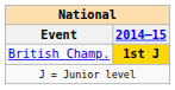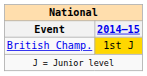 <table class="wikitable" style="text-align:center">
 <tr>
 <th style="background-color: #ffdead; " colspan=2 align=center>National</th>
 </tr>
 <tr>
 <th>Event</th>
 <th><a href='#'>2014–15</a></th>
 </tr>
 <tr>
 <td align="left"><a href='#'>British Champ.</a></td>
-<td bgcolor=gold><strong>1st J</strong></td>
+<td bgcolor=gold>1st J</td>
 </tr>
 <tr>
 <td colspan=2 align=center><small> J = Junior level </small></td>
 </tr>
 </table>
